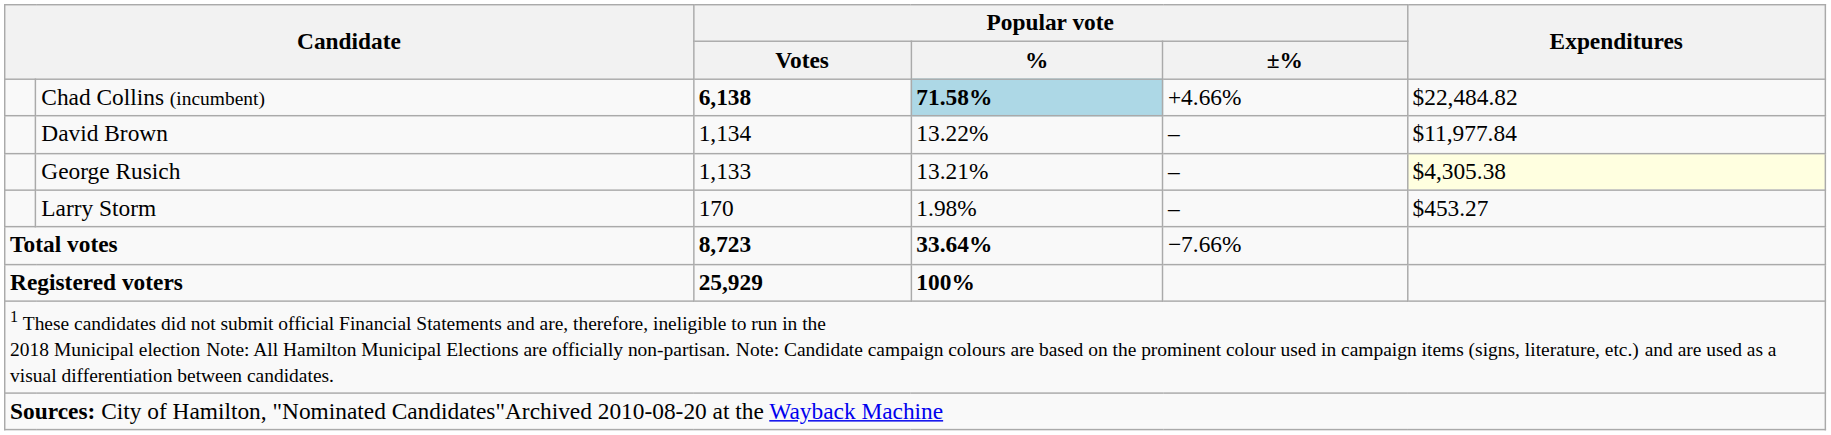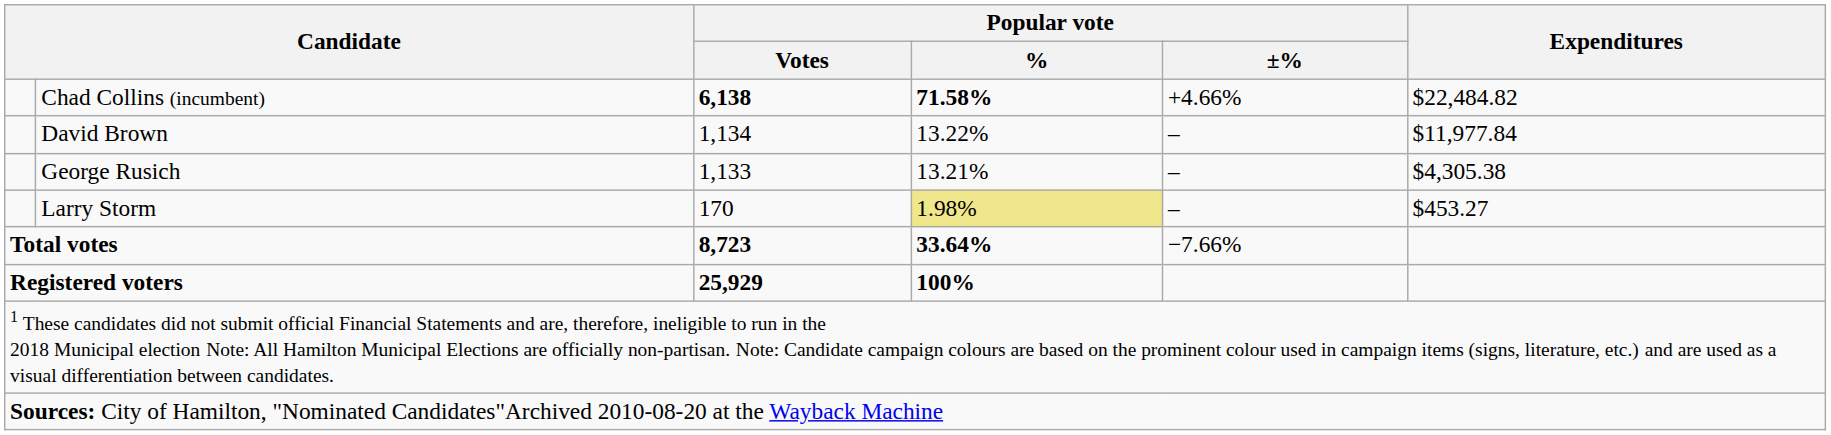 <table class="wikitable">
 <tr>
 <th colspan="2" rowspan="2">Candidate</th>
 <th colspan="3">Popular vote</th>
 <th colspan="2" rowspan="2">Expenditures</th>
 </tr>
 <tr>
 <th>Votes</th>
 <th>%</th>
 <th>±%</th>
 </tr>
 <tr>
 <td></td>
 <td>Chad Collins <small>(incumbent)</small></td>
 <td><strong>6,138</strong></td>
-<td style="background: lightblue;"><strong>71.58%</strong></td>
+<td><strong>71.58%</strong></td>
 <td>+4.66%</td>
 <td>$22,484.82</td>
 </tr>
 <tr>
 <td></td>
 <td>David Brown</td>
 <td>1,134</td>
 <td>13.22%</td>
 <td>–</td>
 <td>$11,977.84</td>
 </tr>
 <tr>
 <td></td>
 <td>George Rusich</td>
 <td>1,133</td>
 <td>13.21%</td>
 <td>–</td>
-<td style="background: lightyellow;">$4,305.38</td>
+<td>$4,305.38</td>
 </tr>
 <tr>
 <td></td>
 <td>Larry Storm</td>
 <td>170</td>
-<td>1.98%</td>
+<td style="background: khaki;">1.98%</td>
 <td>–</td>
 <td>$453.27</td>
 </tr>
 <tr>
 <td colspan="2"><strong>Total votes</strong></td>
 <td><strong>8,723</strong></td>
 <td><strong>33.64%</strong></td>
 <td>−7.66%</td>
 <td></td>
 </tr>
 <tr>
 <td colspan="2"><strong>Registered voters</strong></td>
 <td><strong>25,929</strong></td>
 <td><strong>100%</strong></td>
 <td></td>
 <td></td>
 </tr>
 <tr>
 <td colspan="6"><small><sup>1</sup> These candidates did not submit official Financial Statements and are, therefore, ineligible to run in the</small><br><small>2018 Municipal election</small>  <small>Note: All Hamilton Municipal Elections are officially non-partisan.</small>  <small>Note: Candidate campaign colours are based on the prominent colour used in campaign items (signs, literature, etc.)</small> <small>and are used as a visual differentiation between candidates.</small></td>
 </tr>
 <tr>
 <td colspan="13"><strong>Sources:</strong> City of Hamilton, "Nominated Candidates"Archived 2010-08-20 at the <a href='#'>Wayback Machine</a></td>
 </tr>
 </table>
